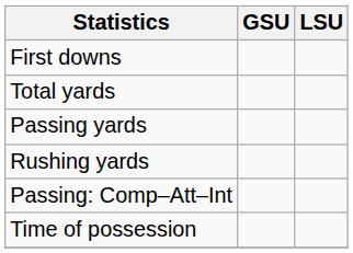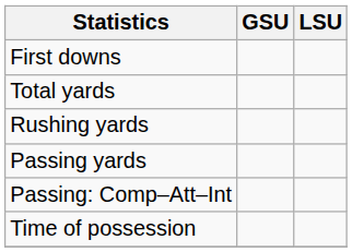 <table class="wikitable" style="float: left;">
 <tr>
 <th>Statistics</th>
 <th>GSU</th>
 <th>LSU</th>
 </tr>
 <tr>
 <td>First downs</td>
 <td></td>
 <td></td>
 </tr>
 <tr>
 <td>Total yards</td>
 <td></td>
 <td></td>
 </tr>
 <tr>
-<td>Passing yards</td>
+<td>Rushing yards</td>
 <td></td>
 <td></td>
 </tr>
 <tr>
-<td>Rushing yards</td>
+<td>Passing yards</td>
 <td></td>
 <td></td>
 </tr>
 <tr>
 <td>Passing: Comp–Att–Int</td>
 <td></td>
 <td></td>
 </tr>
 <tr>
 <td>Time of possession</td>
 <td></td>
 <td></td>
 </tr>
 <tr>
 </tr>
 </table>
